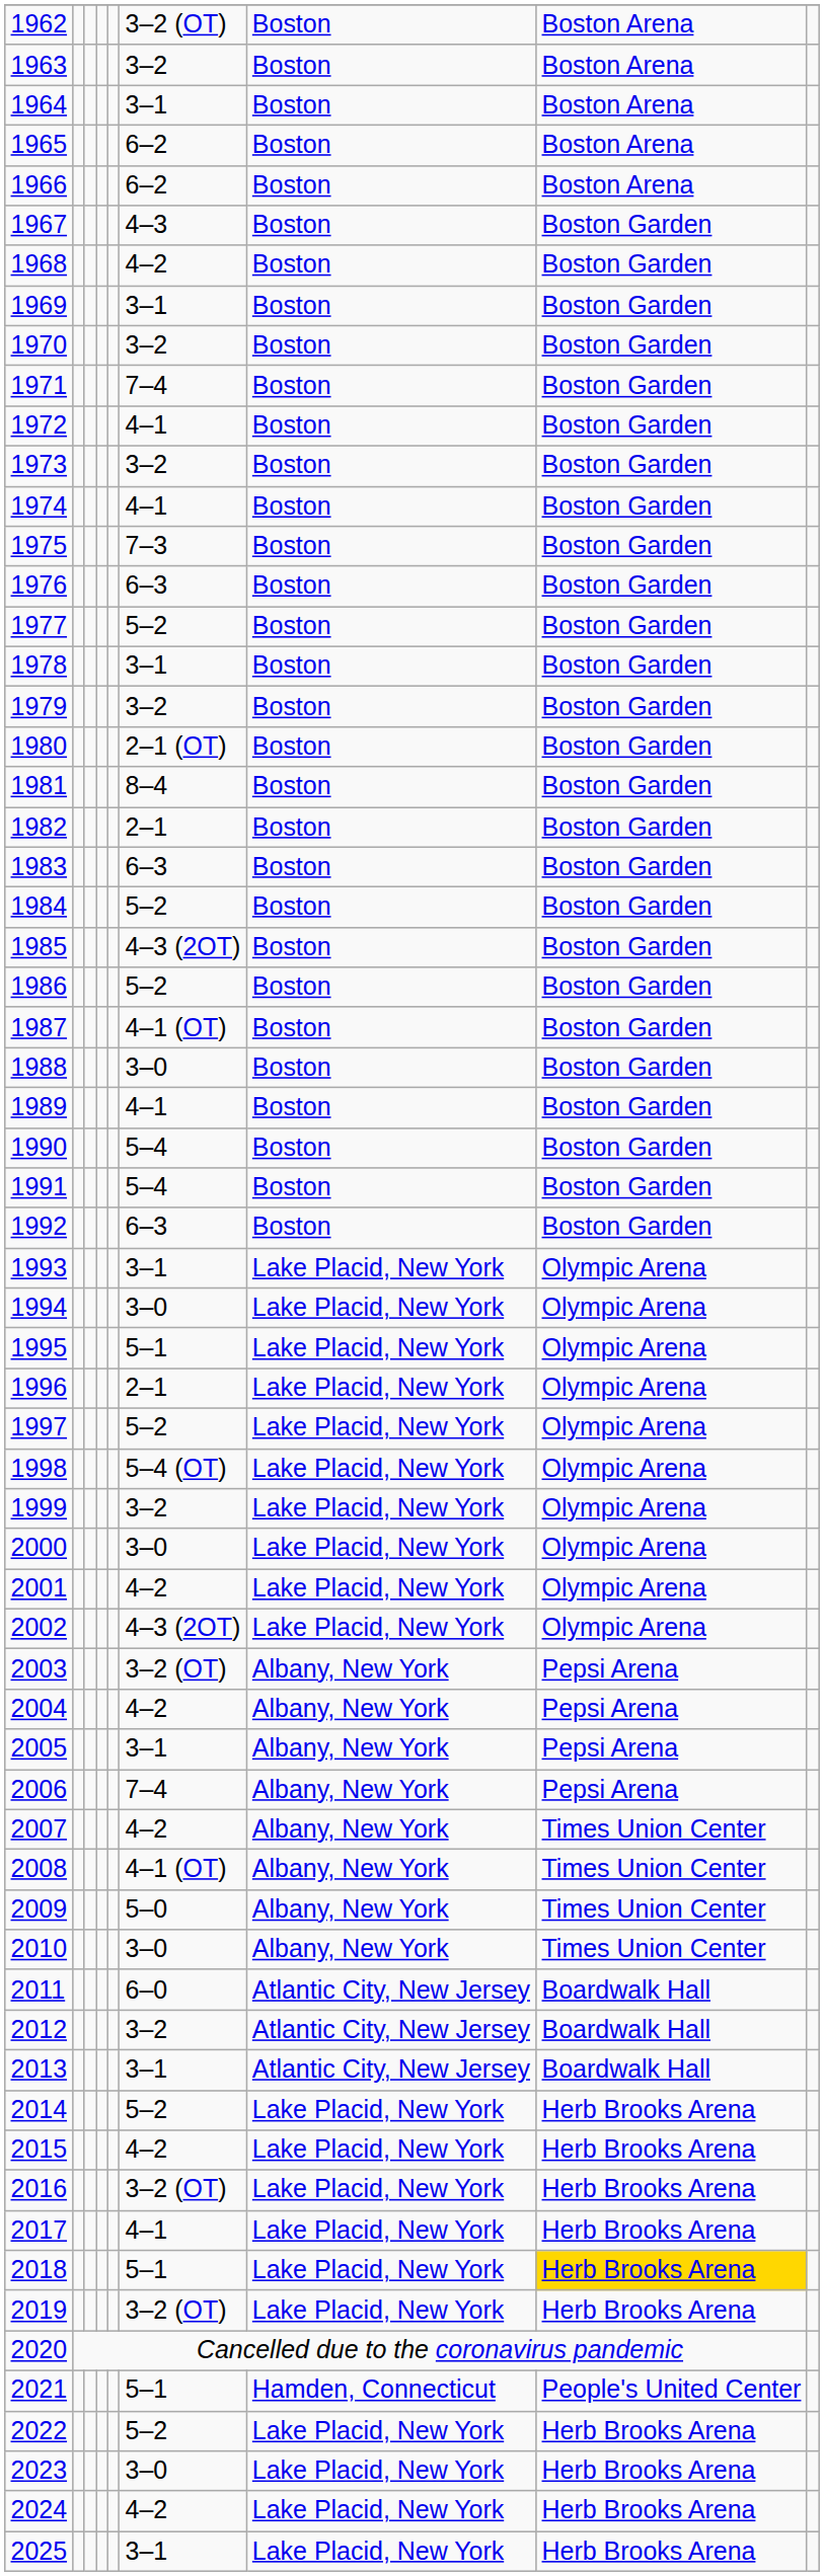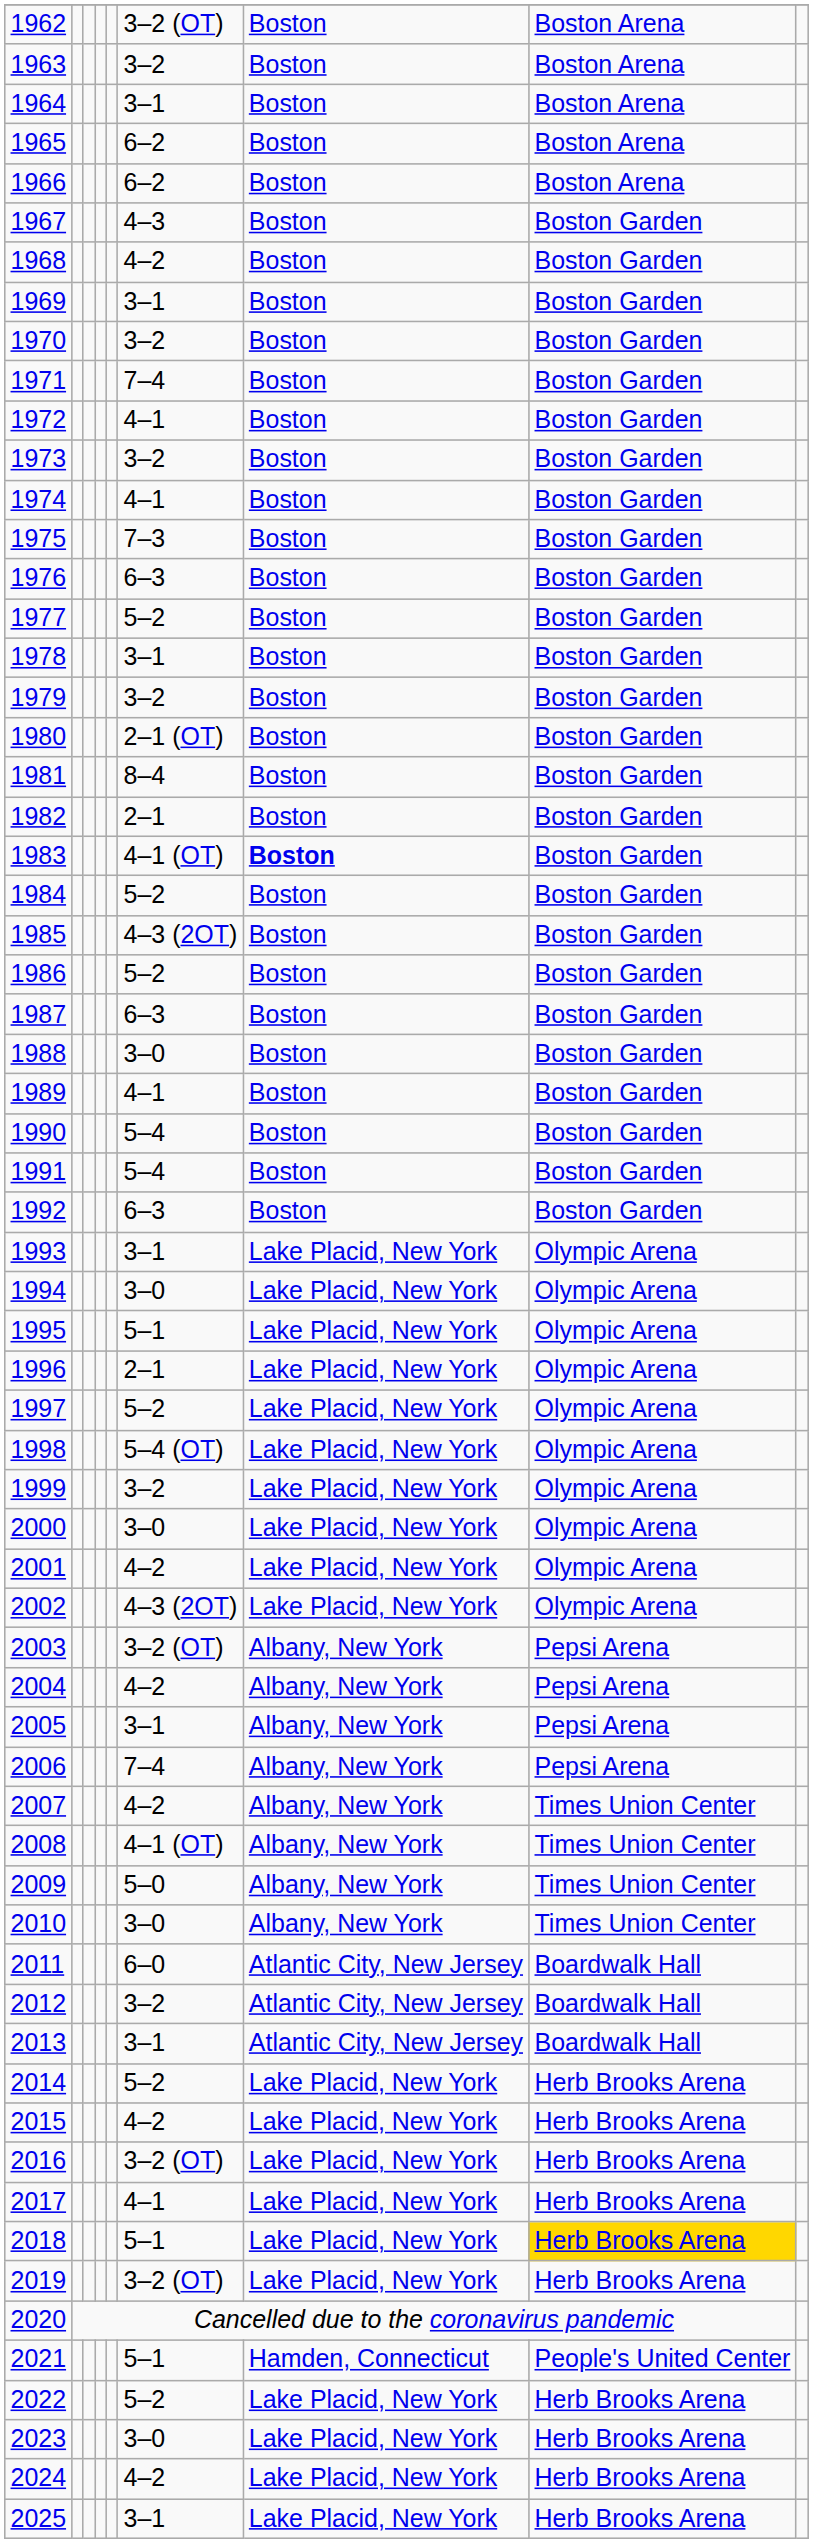 <table class="wikitable sortable">
 <tr>
 </tr>
 <tr>
 <td><a href='#'>1962</a></td>
 <td><a href='#'></a></td>
 <td></td>
 <td><a href='#'></a></td>
 <td></td>
 <td>3–2 (<a href='#'>OT</a>)</td>
 <td><a href='#'>Boston</a></td>
 <td><a href='#'>Boston Arena</a></td>
 <td align=center></td>
 </tr>
 <tr>
 <td><a href='#'>1963</a></td>
 <td><a href='#'></a></td>
 <td></td>
 <td><a href='#'></a></td>
 <td></td>
 <td>3–2</td>
 <td><a href='#'>Boston</a></td>
 <td><a href='#'>Boston Arena</a></td>
 <td align=center></td>
 </tr>
 <tr>
 <td><a href='#'>1964</a></td>
 <td><a href='#'></a></td>
 <td></td>
 <td><a href='#'></a></td>
 <td></td>
 <td>3–1</td>
 <td><a href='#'>Boston</a></td>
 <td><a href='#'>Boston Arena</a></td>
 <td align=center></td>
 </tr>
 <tr>
 <td><a href='#'>1965</a></td>
 <td><a href='#'></a></td>
 <td></td>
 <td><a href='#'></a></td>
 <td></td>
 <td>6–2</td>
 <td><a href='#'>Boston</a></td>
 <td><a href='#'>Boston Arena</a></td>
 <td align=center></td>
 </tr>
 <tr>
 <td><a href='#'>1966</a></td>
 <td><a href='#'></a></td>
 <td></td>
 <td><a href='#'></a></td>
 <td></td>
 <td>6–2</td>
 <td><a href='#'>Boston</a></td>
 <td><a href='#'>Boston Arena</a></td>
 <td align=center></td>
 </tr>
 <tr>
 <td><a href='#'>1967</a></td>
 <td><a href='#'></a></td>
 <td></td>
 <td><a href='#'></a></td>
 <td></td>
 <td>4–3</td>
 <td><a href='#'>Boston</a></td>
 <td><a href='#'>Boston Garden</a></td>
 <td align=center></td>
 </tr>
 <tr>
 <td><a href='#'>1968</a></td>
 <td><a href='#'></a></td>
 <td></td>
 <td><a href='#'></a></td>
 <td></td>
 <td>4–2</td>
 <td><a href='#'>Boston</a></td>
 <td><a href='#'>Boston Garden</a></td>
 <td align=center></td>
 </tr>
 <tr>
 <td><a href='#'>1969</a></td>
 <td><a href='#'></a></td>
 <td></td>
 <td><a href='#'></a></td>
 <td></td>
 <td>3–1</td>
 <td><a href='#'>Boston</a></td>
 <td><a href='#'>Boston Garden</a></td>
 <td align=center></td>
 </tr>
 <tr>
 <td><a href='#'>1970</a></td>
 <td><a href='#'></a></td>
 <td></td>
 <td><a href='#'></a></td>
 <td></td>
 <td>3–2</td>
 <td><a href='#'>Boston</a></td>
 <td><a href='#'>Boston Garden</a></td>
 <td align=center></td>
 </tr>
 <tr>
 <td><a href='#'>1971</a></td>
 <td><a href='#'></a></td>
 <td></td>
 <td><a href='#'></a></td>
 <td></td>
 <td>7–4</td>
 <td><a href='#'>Boston</a></td>
 <td><a href='#'>Boston Garden</a></td>
 <td align=center></td>
 </tr>
 <tr>
 <td><a href='#'>1972</a></td>
 <td><a href='#'></a></td>
 <td></td>
 <td><a href='#'></a></td>
 <td></td>
 <td>4–1</td>
 <td><a href='#'>Boston</a></td>
 <td><a href='#'>Boston Garden</a></td>
 <td align=center></td>
 </tr>
 <tr>
 <td><a href='#'>1973</a></td>
 <td><a href='#'></a></td>
 <td></td>
 <td><a href='#'></a></td>
 <td></td>
 <td>3–2</td>
 <td><a href='#'>Boston</a></td>
 <td><a href='#'>Boston Garden</a></td>
 <td align=center></td>
 </tr>
 <tr>
 <td><a href='#'>1974</a></td>
 <td><a href='#'></a></td>
 <td></td>
 <td><a href='#'></a></td>
 <td></td>
 <td>4–1</td>
 <td><a href='#'>Boston</a></td>
 <td><a href='#'>Boston Garden</a></td>
 <td align=center></td>
 </tr>
 <tr>
 <td><a href='#'>1975</a></td>
 <td><a href='#'></a></td>
 <td></td>
 <td><a href='#'></a></td>
 <td></td>
 <td>7–3</td>
 <td><a href='#'>Boston</a></td>
 <td><a href='#'>Boston Garden</a></td>
 <td align=center></td>
 </tr>
 <tr>
 <td><a href='#'>1976</a></td>
 <td><a href='#'></a></td>
 <td></td>
 <td><a href='#'></a></td>
 <td></td>
 <td>6–3</td>
 <td><a href='#'>Boston</a></td>
 <td><a href='#'>Boston Garden</a></td>
 <td align=center></td>
 </tr>
 <tr>
 <td><a href='#'>1977</a></td>
 <td><a href='#'></a></td>
 <td></td>
 <td><a href='#'></a></td>
 <td></td>
 <td>5–2</td>
 <td><a href='#'>Boston</a></td>
 <td><a href='#'>Boston Garden</a></td>
 <td align=center></td>
 </tr>
 <tr>
 <td><a href='#'>1978</a></td>
 <td><a href='#'></a></td>
 <td></td>
 <td><a href='#'></a></td>
 <td></td>
 <td>3–1</td>
 <td><a href='#'>Boston</a></td>
 <td><a href='#'>Boston Garden</a></td>
 <td align=center></td>
 </tr>
 <tr>
 <td><a href='#'>1979</a></td>
 <td><a href='#'></a></td>
 <td></td>
 <td><a href='#'></a></td>
 <td></td>
 <td>3–2</td>
 <td><a href='#'>Boston</a></td>
 <td><a href='#'>Boston Garden</a></td>
 <td align=center></td>
 </tr>
 <tr>
 <td><a href='#'>1980</a></td>
 <td><a href='#'></a></td>
 <td></td>
 <td><a href='#'></a></td>
 <td></td>
 <td>2–1 (<a href='#'>OT</a>)</td>
 <td><a href='#'>Boston</a></td>
 <td><a href='#'>Boston Garden</a></td>
 <td align=center></td>
 </tr>
 <tr>
 <td><a href='#'>1981</a></td>
 <td><a href='#'></a></td>
 <td></td>
 <td><a href='#'></a></td>
 <td></td>
 <td>8–4</td>
 <td><a href='#'>Boston</a></td>
 <td><a href='#'>Boston Garden</a></td>
 <td align=center></td>
 </tr>
 <tr>
 <td><a href='#'>1982</a></td>
 <td><a href='#'></a></td>
 <td></td>
 <td><a href='#'></a></td>
 <td></td>
 <td>2–1</td>
 <td><a href='#'>Boston</a></td>
 <td><a href='#'>Boston Garden</a></td>
 <td align=center></td>
 </tr>
 <tr>
 <td><a href='#'>1983</a></td>
 <td><a href='#'></a></td>
 <td></td>
 <td><a href='#'></a></td>
 <td></td>
-<td>6–3</td>
-<td><a href='#'>Boston</a></td>
+<td>4–1 (<a href='#'>OT</a>)</td>
+<td><strong><a href='#'>Boston</a></strong></td>
 <td><a href='#'>Boston Garden</a></td>
 <td align=center></td>
 </tr>
 <tr>
 <td><a href='#'>1984</a></td>
 <td><a href='#'></a></td>
 <td></td>
 <td><a href='#'></a></td>
 <td></td>
 <td>5–2</td>
 <td><a href='#'>Boston</a></td>
 <td><a href='#'>Boston Garden</a></td>
 <td align=center></td>
 </tr>
 <tr>
 <td><a href='#'>1985</a></td>
 <td><a href='#'></a></td>
 <td></td>
 <td><a href='#'></a></td>
 <td></td>
 <td>4–3 (<a href='#'>2OT</a>)</td>
 <td><a href='#'>Boston</a></td>
 <td><a href='#'>Boston Garden</a></td>
 <td align=center></td>
 </tr>
 <tr>
 <td><a href='#'>1986</a></td>
 <td><a href='#'></a></td>
 <td></td>
 <td><a href='#'></a></td>
 <td></td>
 <td>5–2</td>
 <td><a href='#'>Boston</a></td>
 <td><a href='#'>Boston Garden</a></td>
 <td align=center></td>
 </tr>
 <tr>
 <td><a href='#'>1987</a></td>
 <td><a href='#'></a></td>
 <td></td>
 <td><a href='#'></a></td>
 <td></td>
-<td>4–1 (<a href='#'>OT</a>)</td>
+<td>6–3</td>
 <td><a href='#'>Boston</a></td>
 <td><a href='#'>Boston Garden</a></td>
 <td align=center></td>
 </tr>
 <tr>
 <td><a href='#'>1988</a></td>
 <td><a href='#'></a></td>
 <td></td>
 <td><a href='#'></a></td>
 <td></td>
 <td>3–0</td>
 <td><a href='#'>Boston</a></td>
 <td><a href='#'>Boston Garden</a></td>
 <td align=center></td>
 </tr>
 <tr>
 <td><a href='#'>1989</a></td>
 <td><a href='#'></a></td>
 <td></td>
 <td><a href='#'></a></td>
 <td></td>
 <td>4–1</td>
 <td><a href='#'>Boston</a></td>
 <td><a href='#'>Boston Garden</a></td>
 <td align=center></td>
 </tr>
 <tr>
 <td><a href='#'>1990</a></td>
 <td><a href='#'></a></td>
 <td></td>
 <td><a href='#'></a></td>
 <td></td>
 <td>5–4</td>
 <td><a href='#'>Boston</a></td>
 <td><a href='#'>Boston Garden</a></td>
 <td align=center></td>
 </tr>
 <tr>
 <td><a href='#'>1991</a></td>
 <td><a href='#'></a></td>
 <td></td>
 <td><a href='#'></a></td>
 <td></td>
 <td>5–4</td>
 <td><a href='#'>Boston</a></td>
 <td><a href='#'>Boston Garden</a></td>
 <td align=center></td>
 </tr>
 <tr>
 <td><a href='#'>1992</a></td>
 <td><a href='#'></a></td>
 <td></td>
 <td><a href='#'></a></td>
 <td></td>
 <td>6–3</td>
 <td><a href='#'>Boston</a></td>
 <td><a href='#'>Boston Garden</a></td>
 <td align=center></td>
 </tr>
 <tr>
 <td><a href='#'>1993</a></td>
 <td><a href='#'></a></td>
 <td></td>
 <td><a href='#'></a></td>
 <td></td>
 <td>3–1</td>
 <td><a href='#'>Lake Placid, New York</a></td>
 <td><a href='#'>Olympic Arena</a></td>
 <td align=center></td>
 </tr>
 <tr>
 <td><a href='#'>1994</a></td>
 <td><a href='#'></a></td>
 <td></td>
 <td><a href='#'></a></td>
 <td></td>
 <td>3–0</td>
 <td><a href='#'>Lake Placid, New York</a></td>
 <td><a href='#'>Olympic Arena</a></td>
 <td align=center></td>
 </tr>
 <tr>
 <td><a href='#'>1995</a></td>
 <td><a href='#'></a></td>
 <td></td>
 <td><a href='#'></a></td>
 <td></td>
 <td>5–1</td>
 <td><a href='#'>Lake Placid, New York</a></td>
 <td><a href='#'>Olympic Arena</a></td>
 <td align=center></td>
 </tr>
 <tr>
 <td><a href='#'>1996</a></td>
 <td><a href='#'></a></td>
 <td></td>
 <td><a href='#'></a></td>
 <td></td>
 <td>2–1</td>
 <td><a href='#'>Lake Placid, New York</a></td>
 <td><a href='#'>Olympic Arena</a></td>
 <td align=center></td>
 </tr>
 <tr>
 <td><a href='#'>1997</a></td>
 <td><a href='#'></a></td>
 <td></td>
 <td><a href='#'></a></td>
 <td></td>
 <td>5–2</td>
 <td><a href='#'>Lake Placid, New York</a></td>
 <td><a href='#'>Olympic Arena</a></td>
 <td align=center></td>
 </tr>
 <tr>
 <td><a href='#'>1998</a></td>
 <td><a href='#'></a></td>
 <td></td>
 <td><a href='#'></a></td>
 <td></td>
 <td>5–4 (<a href='#'>OT</a>)</td>
 <td><a href='#'>Lake Placid, New York</a></td>
 <td><a href='#'>Olympic Arena</a></td>
 <td align=center></td>
 </tr>
 <tr>
 <td><a href='#'>1999</a></td>
 <td><a href='#'></a></td>
 <td></td>
 <td><a href='#'></a></td>
 <td></td>
 <td>3–2</td>
 <td><a href='#'>Lake Placid, New York</a></td>
 <td><a href='#'>Olympic Arena</a></td>
 <td align=center></td>
 </tr>
 <tr>
 <td><a href='#'>2000</a></td>
 <td><a href='#'></a></td>
 <td></td>
 <td><a href='#'></a></td>
 <td></td>
 <td>3–0</td>
 <td><a href='#'>Lake Placid, New York</a></td>
 <td><a href='#'>Olympic Arena</a></td>
 <td align=center></td>
 </tr>
 <tr>
 <td><a href='#'>2001</a></td>
 <td><a href='#'></a></td>
 <td></td>
 <td><a href='#'></a></td>
 <td></td>
 <td>4–2</td>
 <td><a href='#'>Lake Placid, New York</a></td>
 <td><a href='#'>Olympic Arena</a></td>
 <td align=center></td>
 </tr>
 <tr>
 <td><a href='#'>2002</a></td>
 <td><a href='#'></a></td>
 <td></td>
 <td><a href='#'></a></td>
 <td></td>
 <td>4–3 (<a href='#'>2OT</a>)</td>
 <td><a href='#'>Lake Placid, New York</a></td>
 <td><a href='#'>Olympic Arena</a></td>
 <td align=center></td>
 </tr>
 <tr>
 <td><a href='#'>2003</a></td>
 <td><a href='#'></a></td>
 <td></td>
 <td><a href='#'></a></td>
 <td></td>
 <td>3–2 (<a href='#'>OT</a>)</td>
 <td><a href='#'>Albany, New York</a></td>
 <td><a href='#'>Pepsi Arena</a></td>
 <td align=center></td>
 </tr>
 <tr>
 <td><a href='#'>2004</a></td>
 <td><a href='#'></a></td>
 <td></td>
 <td><a href='#'></a></td>
 <td></td>
 <td>4–2</td>
 <td><a href='#'>Albany, New York</a></td>
 <td><a href='#'>Pepsi Arena</a></td>
 <td align=center></td>
 </tr>
 <tr>
 <td><a href='#'>2005</a></td>
 <td><a href='#'></a></td>
 <td></td>
 <td><a href='#'></a></td>
 <td></td>
 <td>3–1</td>
 <td><a href='#'>Albany, New York</a></td>
 <td><a href='#'>Pepsi Arena</a></td>
 <td align=center></td>
 </tr>
 <tr>
 <td><a href='#'>2006</a></td>
 <td><a href='#'></a></td>
 <td></td>
 <td><a href='#'></a></td>
 <td></td>
 <td>7–4</td>
 <td><a href='#'>Albany, New York</a></td>
 <td><a href='#'>Pepsi Arena</a></td>
 <td align=center></td>
 </tr>
 <tr>
 <td><a href='#'>2007</a></td>
 <td><a href='#'></a></td>
 <td></td>
 <td><a href='#'></a></td>
 <td></td>
 <td>4–2</td>
 <td><a href='#'>Albany, New York</a></td>
 <td><a href='#'>Times Union Center</a></td>
 <td align=center></td>
 </tr>
 <tr>
 <td><a href='#'>2008</a></td>
 <td><a href='#'></a></td>
 <td></td>
 <td><a href='#'></a></td>
 <td></td>
 <td>4–1 (<a href='#'>OT</a>)</td>
 <td><a href='#'>Albany, New York</a></td>
 <td><a href='#'>Times Union Center</a></td>
 <td align=center></td>
 </tr>
 <tr>
 <td><a href='#'>2009</a></td>
 <td><a href='#'></a></td>
 <td></td>
 <td><a href='#'></a></td>
 <td></td>
 <td>5–0</td>
 <td><a href='#'>Albany, New York</a></td>
 <td><a href='#'>Times Union Center</a></td>
 <td align=center></td>
 </tr>
 <tr>
 <td><a href='#'>2010</a></td>
 <td><a href='#'></a></td>
 <td></td>
 <td><a href='#'></a></td>
 <td></td>
 <td>3–0</td>
 <td><a href='#'>Albany, New York</a></td>
 <td><a href='#'>Times Union Center</a></td>
 <td align=center></td>
 </tr>
 <tr>
 <td><a href='#'>2011</a></td>
 <td><a href='#'></a></td>
 <td></td>
 <td><a href='#'></a></td>
 <td></td>
 <td>6–0</td>
 <td><a href='#'>Atlantic City, New Jersey</a></td>
 <td><a href='#'>Boardwalk Hall</a></td>
 <td align=center></td>
 </tr>
 <tr>
 <td><a href='#'>2012</a></td>
 <td><a href='#'></a></td>
 <td></td>
 <td><a href='#'></a></td>
 <td></td>
 <td>3–2</td>
 <td><a href='#'>Atlantic City, New Jersey</a></td>
 <td><a href='#'>Boardwalk Hall</a></td>
 <td align=center></td>
 </tr>
 <tr>
 <td><a href='#'>2013</a></td>
 <td><a href='#'></a></td>
 <td></td>
 <td><a href='#'></a></td>
 <td></td>
 <td>3–1</td>
 <td><a href='#'>Atlantic City, New Jersey</a></td>
 <td><a href='#'>Boardwalk Hall</a></td>
 <td align=center></td>
 </tr>
 <tr>
 <td><a href='#'>2014</a></td>
 <td><a href='#'></a></td>
 <td></td>
 <td><a href='#'></a></td>
 <td></td>
 <td>5–2</td>
 <td><a href='#'>Lake Placid, New York</a></td>
 <td><a href='#'>Herb Brooks Arena</a></td>
 <td align=center></td>
 </tr>
 <tr>
 <td><a href='#'>2015</a></td>
 <td><a href='#'></a></td>
 <td></td>
 <td><a href='#'></a></td>
 <td></td>
 <td>4–2</td>
 <td><a href='#'>Lake Placid, New York</a></td>
 <td><a href='#'>Herb Brooks Arena</a></td>
 <td align=center></td>
 </tr>
 <tr>
 <td><a href='#'>2016</a></td>
 <td><a href='#'></a></td>
 <td></td>
 <td><a href='#'></a></td>
 <td></td>
 <td>3–2 (<a href='#'>OT</a>)</td>
 <td><a href='#'>Lake Placid, New York</a></td>
 <td><a href='#'>Herb Brooks Arena</a></td>
 <td align=center></td>
 </tr>
 <tr>
 <td><a href='#'>2017</a></td>
 <td><a href='#'></a></td>
 <td></td>
 <td><a href='#'></a></td>
 <td></td>
 <td>4–1</td>
 <td><a href='#'>Lake Placid, New York</a></td>
 <td><a href='#'>Herb Brooks Arena</a></td>
 <td align=center></td>
 </tr>
 <tr>
 <td><a href='#'>2018</a></td>
 <td><a href='#'></a></td>
 <td></td>
 <td><a href='#'></a></td>
 <td></td>
 <td>5–1</td>
 <td><a href='#'>Lake Placid, New York</a></td>
 <td style="background: gold;"><a href='#'>Herb Brooks Arena</a></td>
 <td align=center></td>
 </tr>
 <tr>
 <td><a href='#'>2019</a></td>
 <td><a href='#'></a></td>
 <td></td>
 <td><a href='#'></a></td>
 <td></td>
 <td>3–2 (<a href='#'>OT</a>)</td>
 <td><a href='#'>Lake Placid, New York</a></td>
 <td><a href='#'>Herb Brooks Arena</a></td>
 <td align=center></td>
 </tr>
 <tr>
 <td><a href='#'>2020</a></td>
 <td colspan=7 align=center><em>Cancelled due to the <a href='#'>coronavirus pandemic</a></em></td>
 <td align=center></td>
 </tr>
 <tr>
 <td><a href='#'>2021</a></td>
 <td><a href='#'></a></td>
 <td></td>
 <td><a href='#'></a></td>
 <td></td>
 <td>5–1</td>
 <td><a href='#'>Hamden, Connecticut</a></td>
 <td><a href='#'>People's United Center</a></td>
 <td align=center></td>
 </tr>
 <tr>
 <td><a href='#'>2022</a></td>
 <td><a href='#'></a></td>
 <td></td>
 <td><a href='#'></a></td>
 <td></td>
 <td>5–2</td>
 <td><a href='#'>Lake Placid, New York</a></td>
 <td><a href='#'>Herb Brooks Arena</a></td>
 <td align=center></td>
 </tr>
 <tr>
 <td><a href='#'>2023</a></td>
 <td><a href='#'></a></td>
 <td></td>
 <td><a href='#'></a></td>
 <td></td>
 <td>3–0</td>
 <td><a href='#'>Lake Placid, New York</a></td>
 <td><a href='#'>Herb Brooks Arena</a></td>
 <td align=center></td>
 </tr>
 <tr>
 <td><a href='#'>2024</a></td>
 <td><a href='#'></a></td>
 <td></td>
 <td><a href='#'></a></td>
 <td></td>
 <td>4–2</td>
 <td><a href='#'>Lake Placid, New York</a></td>
 <td><a href='#'>Herb Brooks Arena</a></td>
 <td align=center></td>
 </tr>
 <tr>
 <td><a href='#'>2025</a></td>
 <td><a href='#'></a></td>
 <td></td>
 <td><a href='#'></a></td>
 <td></td>
 <td>3–1</td>
 <td><a href='#'>Lake Placid, New York</a></td>
 <td><a href='#'>Herb Brooks Arena</a></td>
 <td align=center></td>
 </tr>
 </table>
